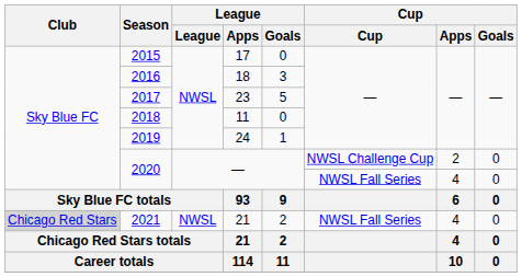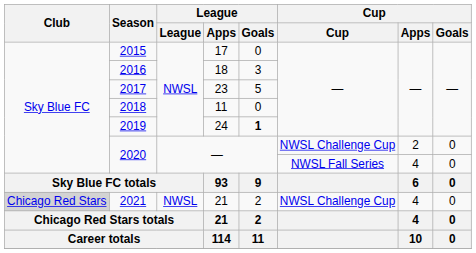 <table class="wikitable" style="text-align: center;">
 <tr>
 <th rowspan="2">Club</th>
 <th rowspan="2">Season</th>
 <th colspan="3">League</th>
 <th colspan="3">Cup</th>
 </tr>
 <tr>
 <th>League</th>
 <th>Apps</th>
 <th>Goals</th>
 <th>Cup</th>
 <th>Apps</th>
 <th>Goals</th>
 </tr>
 <tr>
 <td rowspan="7"><a href='#'>Sky Blue FC</a></td>
 <td><a href='#'>2015</a></td>
 <td rowspan="5"><a href='#'>NWSL</a></td>
 <td>17</td>
 <td>0</td>
 <td rowspan="5">—</td>
 <td rowspan="5">—</td>
 <td rowspan="5">—</td>
 </tr>
 <tr>
 <td><a href='#'>2016</a></td>
 <td>18</td>
 <td>3</td>
 </tr>
 <tr>
 <td><a href='#'>2017</a></td>
 <td>23</td>
 <td>5</td>
 </tr>
 <tr>
 <td><a href='#'>2018</a></td>
 <td>11</td>
 <td>0</td>
 </tr>
 <tr>
 <td><a href='#'>2019</a></td>
 <td>24</td>
-<td>1</td>
+<td><strong>1</strong></td>
 </tr>
 <tr>
 <td rowspan="2"><a href='#'>2020</a></td>
 <td rowspan="2" colspan="3">—</td>
 <td><a href='#'>NWSL Challenge Cup</a></td>
 <td>2</td>
 <td>0</td>
 </tr>
 <tr>
 <td><a href='#'>NWSL Fall Series</a></td>
 <td>4</td>
 <td>0</td>
 </tr>
 <tr>
 <th colspan="3">Sky Blue FC totals</th>
 <th>93</th>
 <th>9</th>
 <th></th>
 <th>6</th>
 <th>0</th>
 </tr>
 <tr>
 <td style="background: lightgrey;"><a href='#'>Chicago Red Stars</a></td>
 <td><a href='#'>2021</a></td>
 <td><a href='#'>NWSL</a></td>
 <td>21</td>
 <td>2</td>
-<td><a href='#'>NWSL Fall Series</a></td>
+<td><a href='#'>NWSL Challenge Cup</a></td>
 <td>4</td>
 <td>0</td>
 </tr>
 <tr>
 <th colspan="3">Chicago Red Stars totals</th>
 <th>21</th>
 <th>2</th>
 <th></th>
 <th>4</th>
 <th>0</th>
 </tr>
 <tr>
 <th colspan="3">Career totals</th>
 <th>114</th>
 <th>11</th>
 <th></th>
 <th>10</th>
 <th>0</th>
 </tr>
 <tr>
 </tr>
 </table>
